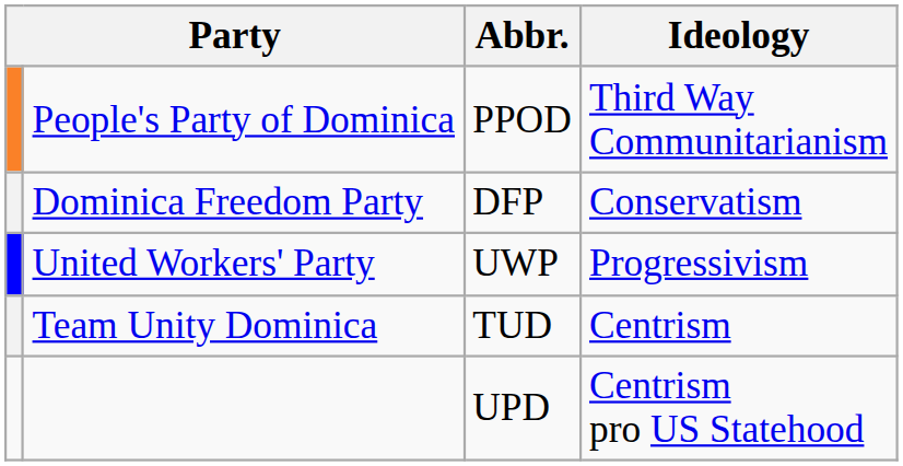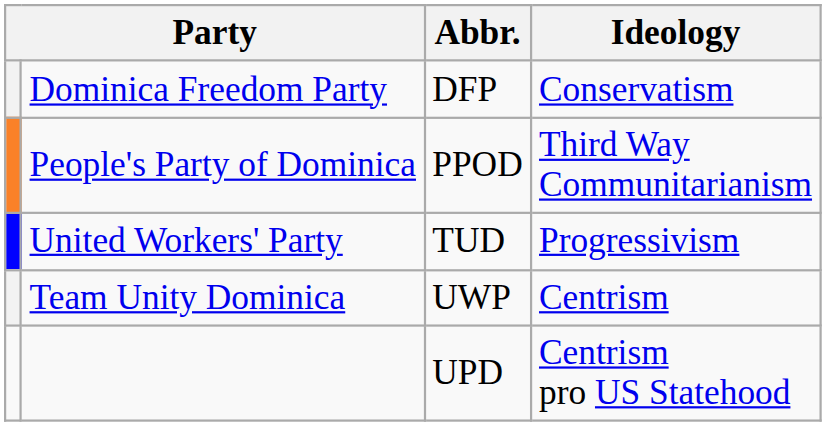 <table class="wikitable">
 <tr>
 <th colspan=2>Party</th>
 <th>Abbr.</th>
 <th>Ideology</th>
+</tr>
+<tr>
+<th style="background-color: "></th>
+<td><a href='#'>Dominica Freedom Party</a></td>
+<td>DFP</td>
+<td><a href='#'>Conservatism</a></td>
 </tr>
 <tr>
 <th ! style="background-color: #FA8128"></th>
 <td><a href='#'>People's Party of Dominica</a></td>
 <td>PPOD</td>
 <td><a href='#'>Third Way</a><br><a href='#'>Communitarianism</a></td>
 </tr>
 <tr>
-<th style="background-color: "></th>
-<td><a href='#'>Dominica Freedom Party</a></td>
-<td>DFP</td>
-<td><a href='#'>Conservatism</a></td>
-</tr>
-<tr>
 <th ! style="background-color: blue"></th>
 <td><a href='#'>United Workers' Party</a></td>
-<td>UWP</td>
+<td>TUD</td>
 <td><a href='#'>Progressivism</a></td>
 </tr>
 <tr>
 <th style="background-color: "></th>
 <td><a href='#'>Team Unity Dominica</a></td>
-<td>TUD</td>
+<td>UWP</td>
 <td><a href='#'>Centrism</a></td>
 </tr>
 <tr>
 <td></td>
 <td></td>
 <td>UPD</td>
 <td><a href='#'>Centrism</a><br>pro <a href='#'>US Statehood</a></td>
 </tr>
 </table>
